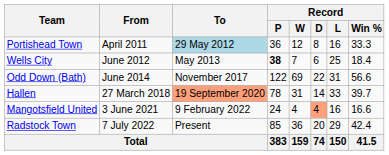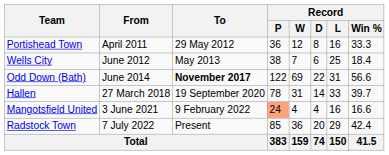 <table class="wikitable">
 <tr>
 <th rowspan="2">Team</th>
 <th rowspan="2">From</th>
 <th rowspan="2">To</th>
 <th colspan="5">Record</th>
 </tr>
 <tr>
 <th>P</th>
 <th>W</th>
 <th>D</th>
 <th>L</th>
 <th>Win %</th>
 </tr>
 <tr>
 <td><a href='#'>Portishead Town</a></td>
 <td>April 2011</td>
-<td style="background: lightblue;">29 May 2012</td>
+<td>29 May 2012</td>
 <td>36</td>
 <td>12</td>
 <td>8</td>
 <td>16</td>
 <td>33.3</td>
 </tr>
 <tr>
 <td><a href='#'>Wells City</a></td>
 <td>June 2012</td>
 <td>May 2013</td>
-<td><strong>38</strong></td>
+<td>38</td>
 <td>7</td>
 <td>6</td>
 <td>25</td>
 <td>18.4</td>
 </tr>
 <tr>
 <td><a href='#'>Odd Down (Bath)</a></td>
 <td>June 2014</td>
-<td>November 2017</td>
+<td><strong>November 2017</strong></td>
 <td>122</td>
 <td>69</td>
 <td>22</td>
 <td>31</td>
 <td>56.6</td>
 </tr>
 <tr>
 <td><a href='#'>Hallen</a></td>
 <td>27 March 2018</td>
-<td style="background: lightsalmon;">19 September 2020</td>
+<td>19 September 2020</td>
 <td>78</td>
 <td>31</td>
 <td>14</td>
 <td>33</td>
 <td>39.7</td>
 </tr>
 <tr>
 <td><a href='#'>Mangotsfield United</a></td>
 <td>3 June 2021</td>
 <td>9 February 2022</td>
-<td>24</td>
+<td style="background: lightsalmon;">24</td>
 <td>4</td>
-<td style="background: lightsalmon;">4</td>
+<td>4</td>
 <td>16</td>
 <td>16.6</td>
 </tr>
 <tr>
 <td><a href='#'>Radstock Town</a></td>
 <td>7 July 2022</td>
 <td>Present</td>
 <td>85</td>
 <td>36</td>
 <td>20</td>
 <td>29</td>
 <td>42.4</td>
 </tr>
 <tr>
 <th colspan="3">Total</th>
 <th>383</th>
 <th>159</th>
 <th>74</th>
 <th>150</th>
 <th>41.5</th>
 </tr>
 </table>
